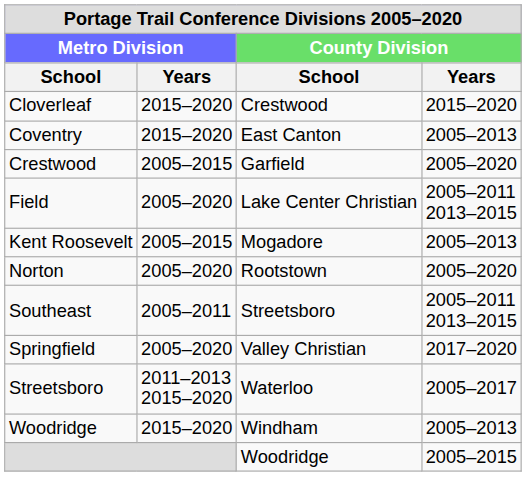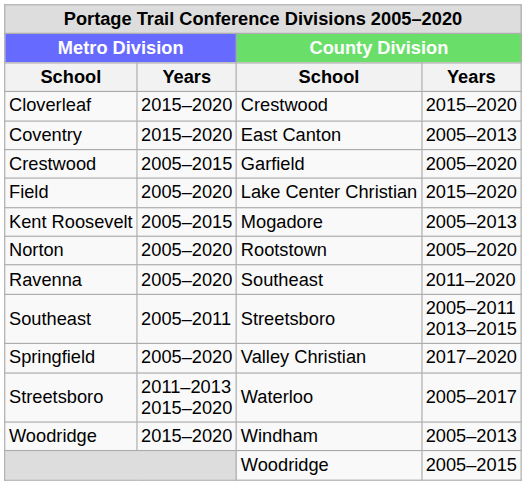 <table class="wikitable" style="float: right;">
 <tr bgcolor="#ccccff">
 <th colspan="4" style="background:#ddd;">Portage Trail Conference Divisions 2005–2020</th>
 </tr>
 <tr>
 <th colspan="2" style="background:#676AFE; color: white">Metro Division</th>
 <th colspan="2" style="background:#69DF69; color: white">County Division</th>
 </tr>
 <tr>
 <th>School</th>
 <th>Years</th>
 <th>School</th>
 <th>Years</th>
 </tr>
 <tr>
 <td>Cloverleaf</td>
 <td>2015–2020</td>
 <td>Crestwood</td>
 <td>2015–2020</td>
 </tr>
 <tr>
 <td>Coventry</td>
 <td>2015–2020</td>
 <td>East Canton</td>
 <td>2005–2013</td>
 </tr>
 <tr>
 <td>Crestwood</td>
 <td>2005–2015</td>
 <td>Garfield</td>
 <td>2005–2020</td>
 </tr>
 <tr>
 <td>Field</td>
 <td>2005–2020</td>
 <td>Lake Center Christian</td>
-<td>2005–2011<br>2013–2015</td>
+<td>2015–2020</td>
 </tr>
 <tr>
 <td>Kent Roosevelt</td>
 <td>2005–2015</td>
 <td>Mogadore</td>
 <td>2005–2013</td>
 </tr>
 <tr>
 <td>Norton</td>
 <td>2005–2020</td>
 <td>Rootstown</td>
 <td>2005–2020</td>
+</tr>
+<tr>
+<td>Ravenna</td>
+<td>2005–2020</td>
+<td>Southeast</td>
+<td>2011–2020</td>
 </tr>
 <tr>
 <td>Southeast</td>
 <td>2005–2011</td>
 <td>Streetsboro</td>
 <td>2005–2011<br>2013–2015</td>
 </tr>
 <tr>
 <td>Springfield</td>
 <td>2005–2020</td>
 <td>Valley Christian</td>
 <td>2017–2020</td>
 </tr>
 <tr>
 <td>Streetsboro</td>
 <td>2011–2013<br>2015–2020</td>
 <td>Waterloo</td>
 <td>2005–2017</td>
 </tr>
 <tr>
 <td>Woodridge</td>
 <td>2015–2020</td>
 <td>Windham</td>
 <td>2005–2013</td>
 </tr>
 <tr>
 <td colspan="2" style="background:#ddd;"></td>
 <td>Woodridge</td>
 <td>2005–2015</td>
 </tr>
 </table>
